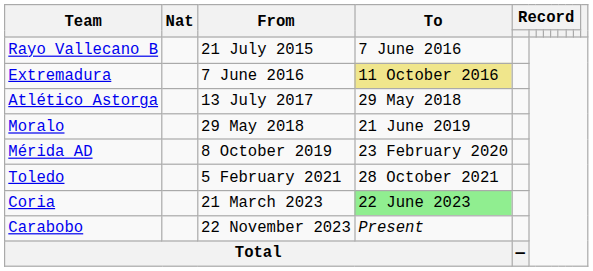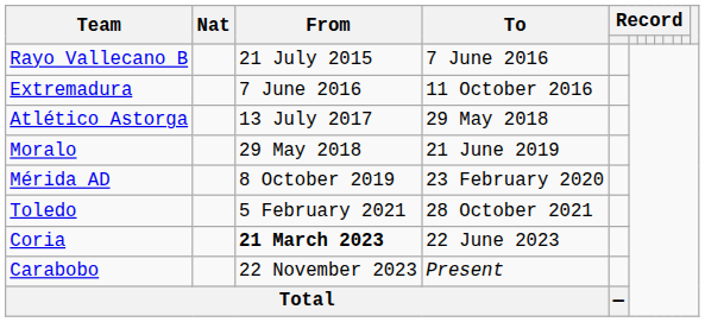 <table class="wikitable" style="text-align: center">
 <tr>
 <th rowspan="2">Team</th>
 <th rowspan="2">Nat</th>
 <th rowspan="2">From</th>
 <th rowspan="2">To</th>
 <th colspan="8">Record</th>
 <th rowspan=2></th>
 </tr>
 <tr>
 <th></th>
 <th></th>
 <th></th>
 <th></th>
 <th></th>
 <th></th>
 <th></th>
 <th></th>
 </tr>
 <tr>
 <td align="left"><a href='#'>Rayo Vallecano B</a></td>
 <td></td>
 <td align=left>21 July 2015</td>
 <td align=left>7 June 2016<br></td>
 <td></td>
 </tr>
 <tr>
 <td align="left"><a href='#'>Extremadura</a></td>
 <td></td>
 <td align=left>7 June 2016</td>
-<td align=left style="background: khaki;">11 October 2016<br></td>
+<td align=left>11 October 2016<br></td>
 <td></td>
 </tr>
 <tr>
 <td align="left"><a href='#'>Atlético Astorga</a></td>
 <td></td>
 <td align=left>13 July 2017</td>
 <td align=left>29 May 2018<br></td>
 <td></td>
 </tr>
 <tr>
 <td align="left"><a href='#'>Moralo</a></td>
 <td></td>
 <td align=left>29 May 2018</td>
 <td align=left>21 June 2019<br></td>
 <td></td>
 </tr>
 <tr>
 <td align="left"><a href='#'>Mérida AD</a></td>
 <td></td>
 <td align=left>8 October 2019</td>
 <td align=left>23 February 2020<br></td>
 <td></td>
 </tr>
 <tr>
 <td align="left"><a href='#'>Toledo</a></td>
 <td></td>
 <td align=left>5 February 2021</td>
 <td align=left>28 October 2021<br></td>
 <td></td>
 </tr>
 <tr>
 <td align="left"><a href='#'>Coria</a></td>
 <td></td>
-<td align=left>21 March 2023</td>
-<td align=left style="background: lightgreen;">22 June 2023<br></td>
+<td align=left><strong>21 March 2023</strong></td>
+<td align=left>22 June 2023<br></td>
 <td></td>
 </tr>
 <tr>
 <td align="left"><a href='#'>Carabobo</a></td>
 <td></td>
 <td align=left>22 November 2023</td>
 <td align=left><em>Present</em><br></td>
 <td></td>
 </tr>
 <tr>
 <th colspan="4">Total<br></th>
 <th>—</th>
 </tr>
 </table>
